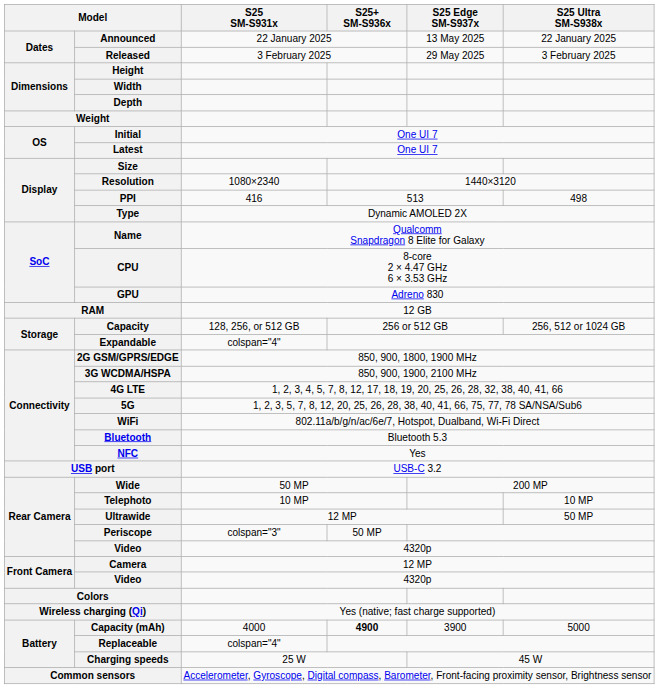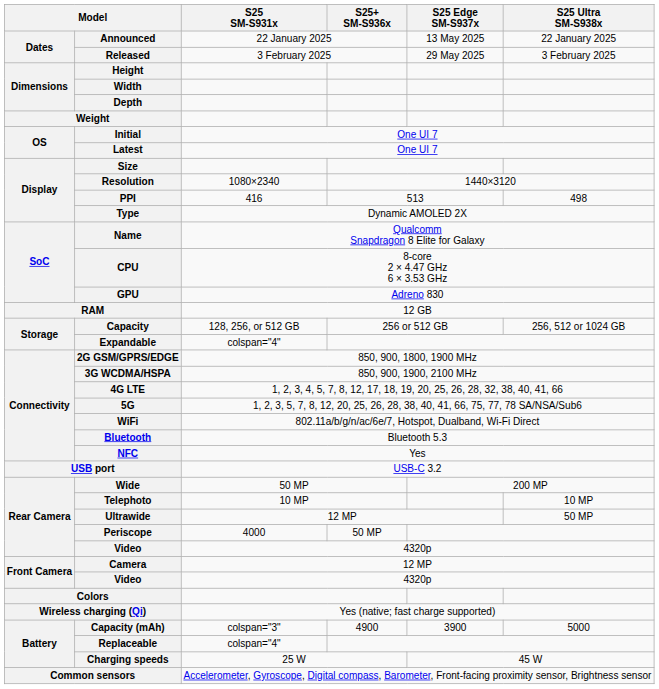 <table class="wikitable" style="text-align: center; font-size:85%">
 <tr>
 <th colspan="2">Model</th>
 <th>S25<br>SM-S931x</th>
 <th>S25+<br>SM-S936x</th>
 <th>S25 Edge<br>SM-S937x</th>
 <th>S25 Ultra<br>SM-S938x</th>
 </tr>
 <tr>
 <th rowspan="2">Dates</th>
 <th>Announced</th>
 <td colspan="2">22 January 2025</td>
 <td>13 May 2025</td>
 <td>22 January 2025</td>
 </tr>
 <tr>
 <th>Released</th>
 <td colspan="2">3 February 2025</td>
 <td>29 May 2025</td>
 <td>3 February 2025</td>
 </tr>
 <tr>
 <th rowspan="3">Dimensions<br></th>
 <th>Height</th>
 <td></td>
 <td></td>
 <td></td>
 <td></td>
 </tr>
 <tr>
 <th>Width</th>
 <td></td>
 <td></td>
 <td></td>
 <td></td>
 </tr>
 <tr>
 <th>Depth</th>
 <td></td>
 <td></td>
 <td></td>
 <td></td>
 </tr>
 <tr>
 <th colspan="2">Weight<br></th>
 <td></td>
 <td></td>
 <td></td>
 <td></td>
 </tr>
 <tr>
 <th rowspan="2" title="Operating System">OS</th>
 <th>Initial</th>
 <td colspan="4"><a href='#'>One UI 7</a><br></td>
 </tr>
 <tr>
 <th>Latest</th>
 <td colspan="4"><a href='#'>One UI 7</a><br></td>
 </tr>
 <tr>
 <th rowspan="4">Display</th>
 <th>Size</th>
 <td></td>
 <td colspan="2"></td>
 <td></td>
 </tr>
 <tr>
 <th>Resolution</th>
 <td>1080×2340</td>
 <td colspan="3">1440×3120</td>
 </tr>
 <tr>
 <th title="Pixels per Inch">PPI</th>
 <td>416</td>
 <td colspan="2">513</td>
 <td>498</td>
 </tr>
 <tr>
 <th>Type</th>
 <td colspan="4">Dynamic AMOLED 2X</td>
 </tr>
 <tr>
 <th rowspan="3"><a href='#'>SoC</a></th>
 <th>Name</th>
 <td colspan="4"><a href='#'>Qualcomm</a><br><a href='#'>Snapdragon</a> 8 Elite for Galaxy</td>
 </tr>
 <tr>
 <th>CPU</th>
 <td colspan="4">8-core<br>2 × 4.47 GHz<br>6 × 3.53 GHz</td>
 </tr>
 <tr>
 <th>GPU</th>
 <td colspan="4"><a href='#'>Adreno</a> 830</td>
 </tr>
 <tr>
 <th colspan="2">RAM</th>
 <td colspan="4">12 GB</td>
 </tr>
 <tr>
 <th rowspan="2">Storage</th>
 <th>Capacity</th>
 <td>128, 256, or 512 GB</td>
 <td colspan="2">256 or 512 GB</td>
 <td>256, 512 or 1024 GB</td>
 </tr>
 <tr>
 <th>Expandable</th>
 <td>colspan="4" </td>
 </tr>
 <tr>
 <th rowspan="7">Connectivity</th>
 <th>2G GSM/GPRS/EDGE</th>
 <td colspan="4">850, 900, 1800, 1900 MHz</td>
 </tr>
 <tr>
 <th>3G WCDMA/HSPA</th>
 <td colspan="4">850, 900, 1900, 2100 MHz</td>
 </tr>
 <tr>
 <th>4G LTE</th>
 <td colspan="4">1, 2, 3, 4, 5, 7, 8, 12, 17, 18, 19, 20, 25, 26, 28, 32, 38, 40, 41, 66</td>
 </tr>
 <tr>
 <th>5G</th>
 <td colspan="4">1, 2, 3, 5, 7, 8, 12, 20, 25, 26, 28, 38, 40, 41, 66, 75, 77, 78 SA/NSA/Sub6</td>
 </tr>
 <tr>
 <th>WiFi</th>
 <td colspan="4">802.11a/b/g/n/ac/6e/7, Hotspot, Dualband, Wi-Fi Direct</td>
 </tr>
 <tr>
 <th><a href='#'>Bluetooth</a></th>
 <td colspan="4">Bluetooth 5.3</td>
 </tr>
 <tr>
 <th><a href='#'>NFC</a></th>
 <td colspan="4">Yes</td>
 </tr>
 <tr>
 <th colspan="2"><a href='#'>USB</a> port</th>
 <td colspan="4"><a href='#'>USB-C</a> 3.2</td>
 </tr>
 <tr>
 <th rowspan="5">Rear Camera</th>
 <th>Wide</th>
 <td colspan="2">50 MP</td>
 <td colspan="2">200 MP</td>
 </tr>
 <tr>
 <th>Telephoto</th>
 <td colspan="2">10 MP</td>
 <td></td>
 <td>10 MP</td>
 </tr>
 <tr>
 <th>Ultrawide</th>
 <td colspan="3">12 MP</td>
 <td>50 MP</td>
 </tr>
 <tr>
 <th>Periscope</th>
-<td>colspan="3" </td>
+<td>4000</td>
 <td>50 MP</td>
 </tr>
 <tr>
 <th>Video</th>
 <td colspan="4">4320p</td>
 </tr>
 <tr>
 <th rowspan="2">Front Camera</th>
 <th>Camera</th>
 <td colspan="4">12 MP</td>
 </tr>
 <tr>
 <th>Video</th>
 <td colspan="4">4320p</td>
 </tr>
 <tr>
 <th colspan="2">Colors</th>
 <td colspan="2"></td>
 <td></td>
 <td></td>
 </tr>
 <tr>
 <th colspan="2">Wireless charging (<a href='#'>Qi</a>)</th>
 <td colspan="4">Yes (native; fast charge supported)</td>
 </tr>
 <tr>
 <th rowspan="3">Battery</th>
 <th>Capacity (mAh)</th>
-<td>4000</td>
-<td><strong>4900</strong></td>
+<td>colspan="3" </td>
+<td>4900</td>
 <td>3900</td>
 <td>5000</td>
 </tr>
 <tr>
 <th>Replaceable</th>
 <td>colspan="4" </td>
 </tr>
 <tr>
 <th>Charging speeds</th>
 <td colspan="2">25 W</td>
 <td colspan="2">45 W</td>
 </tr>
 <tr>
 <th colspan="2">Common sensors</th>
 <td colspan="4"><a href='#'>Accelerometer</a>, <a href='#'>Gyroscope</a>, <a href='#'>Digital compass</a>, <a href='#'>Barometer</a>, Front-facing proximity sensor, Brightness sensor</td>
 </tr>
 </table>
